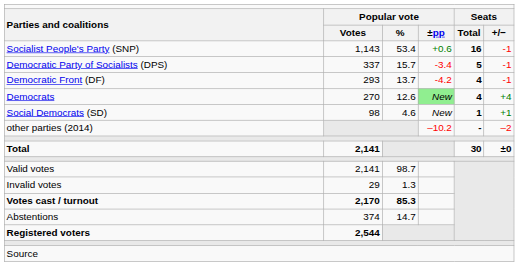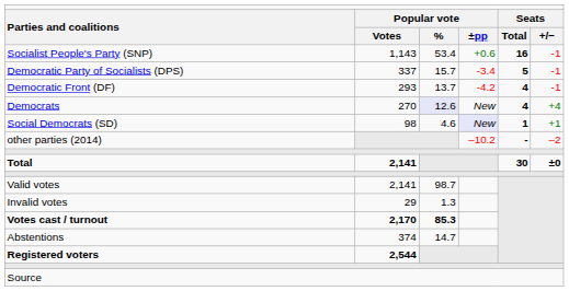 <table class="wikitable" style="text-align:right; font-size:98%; margin-bottom:0">
 <tr>
 <td colspan="6"></td>
 </tr>
 <tr>
 <th style="text-align:left;" rowspan="2" width="500">Parties and coalitions</th>
 <th colspan="3">Popular vote</th>
 <th colspan="2">Seats</th>
 </tr>
 <tr>
 <th width="85">Votes</th>
 <th width="50">%</th>
 <th width="50">±<a href='#'>pp</a></th>
 <th width="40">Total</th>
 <th width="40">+/−</th>
 </tr>
 <tr>
 <td align="left"><a href='#'>Socialist People's Party</a> (SNP)</td>
 <td>1,143</td>
 <td>53.4</td>
 <td style="color:green;">+0.6</td>
 <td><strong>16</strong></td>
 <td style="color:red;">-1</td>
 </tr>
 <tr>
 <td align="left"><a href='#'>Democratic Party of Socialists</a> (DPS)</td>
 <td>337</td>
 <td>15.7</td>
 <td style="color:red;">-3.4</td>
 <td><strong>5</strong></td>
 <td style="color:red;">-1</td>
 </tr>
 <tr>
 <td align="left"><a href='#'>Democratic Front</a> (DF)</td>
 <td>293</td>
 <td>13.7</td>
 <td style="color:red;">-4.2</td>
 <td><strong>4</strong></td>
 <td style="color:red;">-1</td>
 </tr>
 <tr>
 <td align="left"><a href='#'>Democrats</a></td>
 <td>270</td>
-<td>12.6</td>
-<td style="background: lightgreen;"><em>New</em></td>
+<td style="background: lavender;">12.6</td>
+<td><em>New</em></td>
 <td><strong>4</strong></td>
 <td style="color:green;">+4</td>
 </tr>
 <tr>
 <td align="left"><a href='#'>Social Democrats</a> (SD)</td>
 <td>98</td>
 <td>4.6</td>
-<td><em>New</em></td>
+<td style="background: lavender;"><em>New</em></td>
 <td><strong>1</strong></td>
 <td style="color:green;">+1</td>
 </tr>
 <tr>
 <td align="left">other parties (2014)</td>
 <td bgcolor="#E9E9E9" colspan="2"></td>
 <td style="color:red;">–10.2</td>
 <td><strong>-</strong></td>
 <td style="color:red;">–2</td>
 </tr>
 <tr>
 <td colspan="6" bgcolor="#E9E9E9"></td>
 </tr>
 <tr style="font-weight:bold;">
 <td align="left" width="500">Total</td>
 <td>2,141</td>
 <td bgcolor="#E9E9E9" colspan="2"></td>
 <td width="40">30</td>
 <td width="40">±0</td>
 </tr>
 <tr>
 <td colspan="6" bgcolor="#E9E9E9"></td>
 </tr>
 <tr>
 <td align="left">Valid votes</td>
 <td>2,141</td>
 <td>98.7</td>
 <td style="color:green;"></td>
 <td bgcolor="#E9E9E9" colspan="2" rowspan="5"></td>
 </tr>
 <tr>
 <td align="left">Invalid votes</td>
 <td>29</td>
 <td>1.3</td>
 <td style="color:red;"></td>
 </tr>
 <tr style="font-weight:bold;">
 <td align="left">Votes cast / turnout</td>
 <td>2,170</td>
 <td>85.3</td>
 <td style="color:green;"></td>
 </tr>
 <tr>
 <td align="left">Abstentions</td>
 <td>374</td>
 <td>14.7</td>
 <td style="color:red;"></td>
 </tr>
 <tr style="font-weight:bold;">
 <td align="left">Registered voters</td>
 <td>2,544</td>
 <td bgcolor="#E9E9E9" colspan="2"></td>
 </tr>
 <tr>
 <td colspan="6" bgcolor="#E9E9E9"></td>
 </tr>
 <tr>
 <td align="left" colspan="6">Source</td>
 </tr>
 </table>
